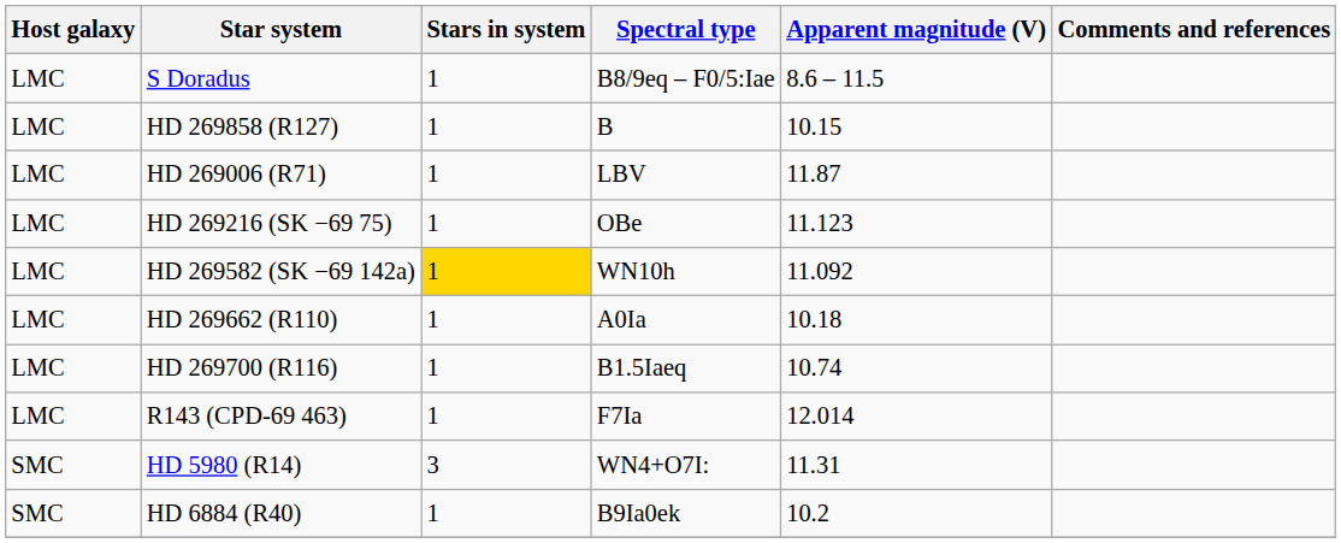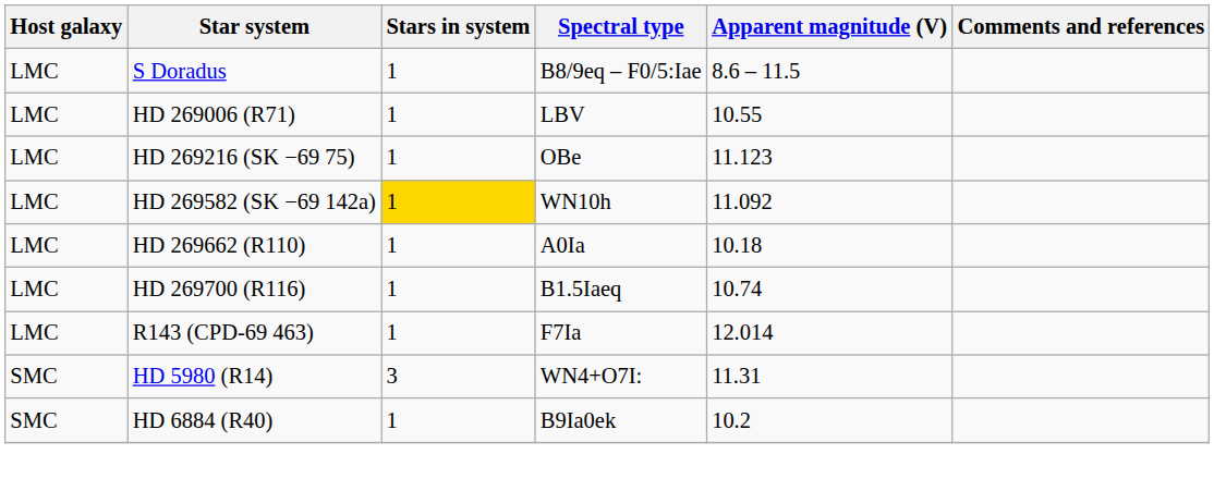 <table class="wikitable sortable" style="font-size:1.00em; line-height:1.5em; position:relative;">
 <tr>
 <th>Host galaxy</th>
 <th scope="col">Star system</th>
 <th scope="col">Stars in system</th>
 <th scope="col"><a href='#'>Spectral type</a></th>
 <th scope="col"><a href='#'>Apparent magnitude</a> (V)</th>
 <th scope="col">Comments and references</th>
 </tr>
 <tr>
 <td>LMC</td>
 <td><a href='#'>S Doradus</a></td>
 <td>1</td>
 <td style="background: ">B8/9eq – F0/5:Iae</td>
 <td>8.6 – 11.5</td>
 <td></td>
 </tr>
 <tr>
 <td>LMC</td>
-<td>HD 269858 (R127)</td>
-<td>1</td>
-<td style="background: ">B</td>
-<td>10.15</td>
-<td></td>
-</tr>
-<tr>
-<td>LMC</td>
 <td>HD 269006 (R71)</td>
 <td>1</td>
 <td>LBV</td>
-<td>11.87</td>
+<td>10.55</td>
 <td></td>
 </tr>
 <tr>
 <td>LMC</td>
 <td>HD 269216 (SK −69 75)</td>
 <td>1</td>
 <td style="background: ">OBe</td>
 <td>11.123</td>
 <td></td>
 </tr>
 <tr>
 <td>LMC</td>
 <td>HD 269582 (SK −69 142a)</td>
 <td style="background: gold;">1</td>
 <td style="background: ">WN10h</td>
 <td>11.092</td>
 <td></td>
 </tr>
 <tr>
 <td>LMC</td>
 <td>HD 269662 (R110)</td>
 <td>1</td>
 <td style="background: ">A0Ia</td>
 <td>10.18</td>
 <td></td>
 </tr>
 <tr>
 <td>LMC</td>
 <td>HD 269700 (R116)</td>
 <td>1</td>
 <td style="background: ">B1.5Iaeq</td>
 <td>10.74</td>
 <td></td>
 </tr>
 <tr>
 <td>LMC</td>
 <td>R143 (CPD-69 463)</td>
 <td>1</td>
 <td style="background: ">F7Ia</td>
 <td>12.014</td>
 <td></td>
 </tr>
 <tr>
 <td>SMC</td>
 <td><a href='#'>HD 5980</a> (R14)</td>
 <td>3</td>
 <td style="background: ">WN4+O7I:</td>
 <td>11.31</td>
 <td></td>
 </tr>
 <tr>
 <td>SMC</td>
 <td>HD 6884 (R40)</td>
 <td>1</td>
 <td style="background: ">B9Ia0ek</td>
 <td>10.2</td>
 <td></td>
 </tr>
 <tr>
 </tr>
 </table>
